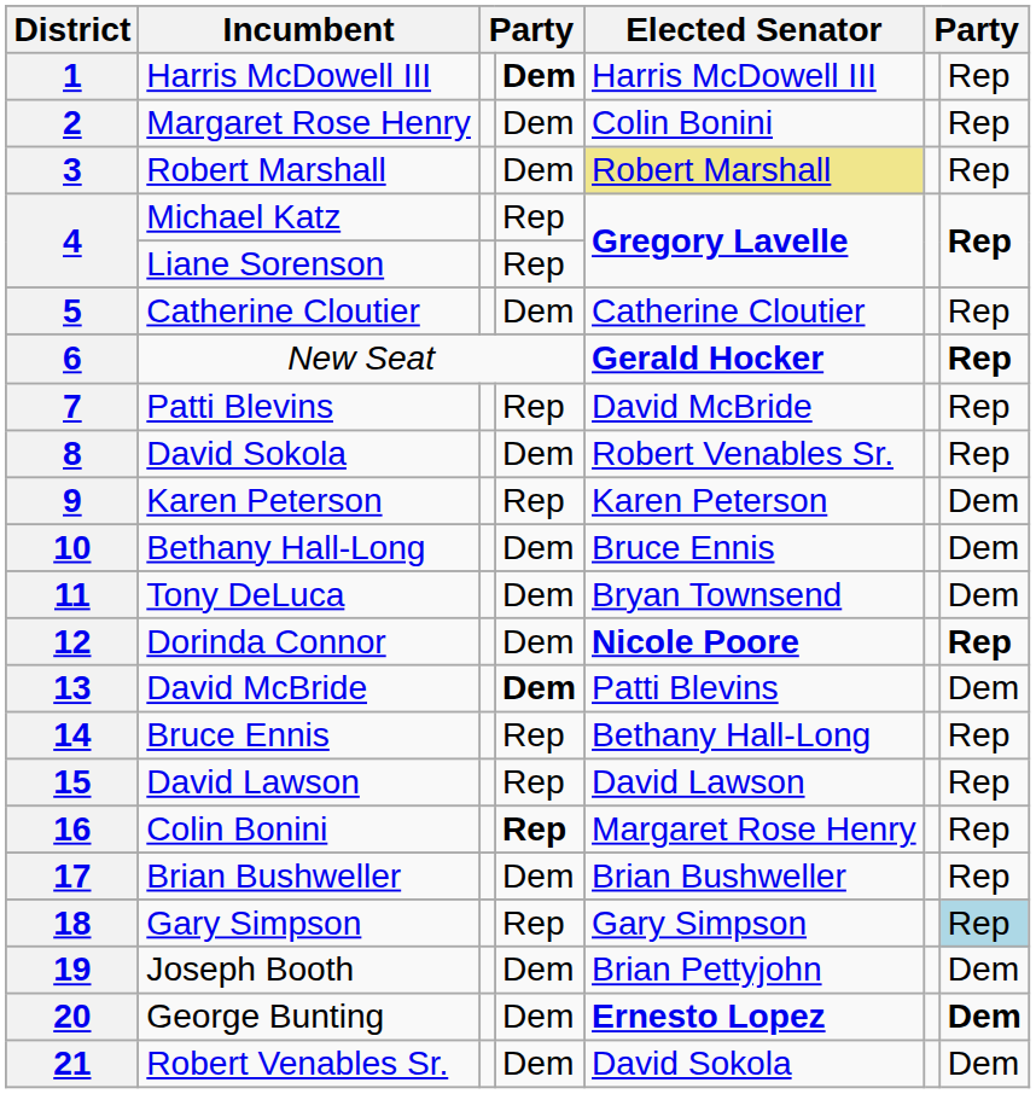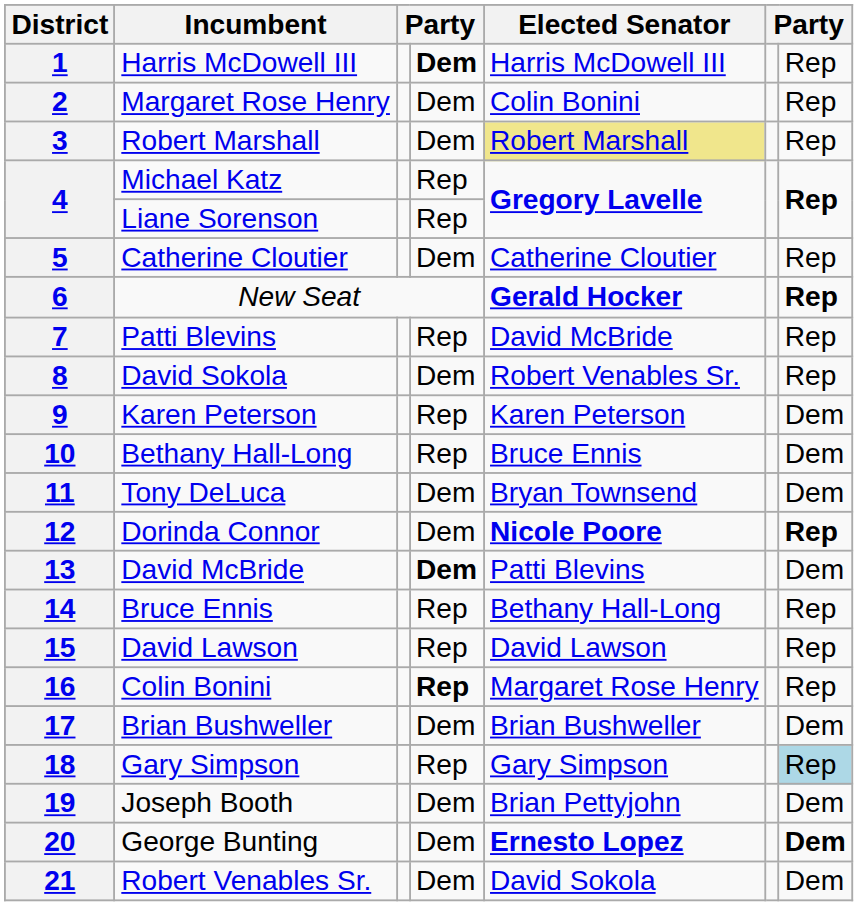 <table class="sortable wikitable" style="font-size:95%;line-height:14px;">
 <tr>
 <th colspan="1">District</th>
 <th class="unsortable">Incumbent</th>
 <th colspan="2">Party</th>
 <th class="unsortable">Elected Senator</th>
 <th colspan="2">Party</th>
 </tr>
 <tr>
 <th><a href='#'>1</a></th>
 <td><a href='#'>Harris McDowell III</a></td>
 <td style="background:"></td>
 <td><strong>Dem</strong></td>
 <td><a href='#'>Harris McDowell III</a></td>
 <td style="background:"></td>
 <td>Rep</td>
 </tr>
 <tr>
 <th><a href='#'>2</a></th>
 <td><a href='#'>Margaret Rose Henry</a></td>
 <td style="background:"></td>
 <td>Dem</td>
 <td><a href='#'>Colin Bonini</a></td>
 <td style="background:"></td>
 <td>Rep</td>
 </tr>
 <tr>
 <th><a href='#'>3</a></th>
 <td><a href='#'>Robert Marshall</a></td>
 <td style="background:"></td>
 <td>Dem</td>
 <td style="background: khaki;"><a href='#'>Robert Marshall</a></td>
 <td style="background:"></td>
 <td>Rep</td>
 </tr>
 <tr>
 <th rowspan=2><a href='#'>4</a></th>
 <td><a href='#'>Michael Katz</a></td>
 <td style="background:"></td>
 <td>Rep</td>
 <td rowspan=2><strong><a href='#'>Gregory Lavelle</a></strong></td>
 <td rowspan=2 style="background:"></td>
 <td rowspan=2><strong>Rep</strong></td>
 </tr>
 <tr>
 <td><a href='#'>Liane Sorenson</a></td>
 <td style="background:"></td>
 <td>Rep</td>
 </tr>
 <tr>
 <th><a href='#'>5</a></th>
 <td><a href='#'>Catherine Cloutier</a></td>
 <td style="background:"></td>
 <td>Dem</td>
 <td><a href='#'>Catherine Cloutier</a></td>
 <td style="background:"></td>
 <td>Rep</td>
 </tr>
 <tr>
 <th><a href='#'>6</a></th>
 <td colspan=3 align=center><em>New Seat</em></td>
 <td><strong><a href='#'>Gerald Hocker</a></strong></td>
 <td style="background:"></td>
 <td><strong>Rep</strong></td>
 </tr>
 <tr>
 <th><a href='#'>7</a></th>
 <td><a href='#'>Patti Blevins</a></td>
 <td style="background:"></td>
 <td>Rep</td>
 <td><a href='#'>David McBride</a></td>
 <td style="background:"></td>
 <td>Rep</td>
 </tr>
 <tr>
 <th><a href='#'>8</a></th>
 <td><a href='#'>David Sokola</a></td>
 <td style="background:"></td>
 <td>Dem</td>
 <td><a href='#'>Robert Venables Sr.</a></td>
 <td style="background:"></td>
 <td>Rep</td>
 </tr>
 <tr>
 <th><a href='#'>9</a></th>
 <td><a href='#'>Karen Peterson</a></td>
 <td style="background:"></td>
 <td>Rep</td>
 <td><a href='#'>Karen Peterson</a></td>
 <td style="background:"></td>
 <td>Dem</td>
 </tr>
 <tr>
 <th><a href='#'>10</a></th>
 <td><a href='#'>Bethany Hall-Long</a></td>
 <td style="background:"></td>
-<td>Dem</td>
+<td>Rep</td>
 <td><a href='#'>Bruce Ennis</a></td>
 <td style="background:"></td>
 <td>Dem</td>
 </tr>
 <tr>
 <th><a href='#'>11</a></th>
 <td><a href='#'>Tony DeLuca</a></td>
 <td style="background:"></td>
 <td>Dem</td>
 <td><a href='#'>Bryan Townsend</a></td>
 <td style="background:"></td>
 <td>Dem</td>
 </tr>
 <tr>
 <th><a href='#'>12</a></th>
 <td><a href='#'>Dorinda Connor</a></td>
 <td style="background:"></td>
 <td>Dem</td>
 <td><strong><a href='#'>Nicole Poore</a></strong></td>
 <td style="background:"></td>
 <td><strong>Rep</strong></td>
 </tr>
 <tr>
 <th><a href='#'>13</a></th>
 <td><a href='#'>David McBride</a></td>
 <td style="background:"></td>
 <td><strong>Dem</strong></td>
 <td><a href='#'>Patti Blevins</a></td>
 <td style="background:"></td>
 <td>Dem</td>
 </tr>
 <tr>
 <th><a href='#'>14</a></th>
 <td><a href='#'>Bruce Ennis</a></td>
 <td style="background:"></td>
 <td>Rep</td>
 <td><a href='#'>Bethany Hall-Long</a></td>
 <td style="background:"></td>
 <td>Rep</td>
 </tr>
 <tr>
 <th><a href='#'>15</a></th>
 <td><a href='#'>David Lawson</a></td>
 <td style="background:"></td>
 <td>Rep</td>
 <td><a href='#'>David Lawson</a></td>
 <td style="background:"></td>
 <td>Rep</td>
 </tr>
 <tr>
 <th><a href='#'>16</a></th>
 <td><a href='#'>Colin Bonini</a></td>
 <td style="background:"></td>
 <td><strong>Rep</strong></td>
 <td><a href='#'>Margaret Rose Henry</a></td>
 <td style="background:"></td>
 <td>Rep</td>
 </tr>
 <tr>
 <th><a href='#'>17</a></th>
 <td><a href='#'>Brian Bushweller</a></td>
 <td style="background:"></td>
 <td>Dem</td>
 <td><a href='#'>Brian Bushweller</a></td>
 <td style="background:"></td>
-<td>Rep</td>
+<td>Dem</td>
 </tr>
 <tr>
 <th><a href='#'>18</a></th>
 <td><a href='#'>Gary Simpson</a></td>
 <td style="background:"></td>
 <td>Rep</td>
 <td><a href='#'>Gary Simpson</a></td>
 <td style="background:"></td>
 <td style="background: lightblue;">Rep</td>
 </tr>
 <tr>
 <th><a href='#'>19</a></th>
 <td>Joseph Booth</td>
 <td style="background:"></td>
 <td>Dem</td>
 <td><a href='#'>Brian Pettyjohn</a></td>
 <td style="background:"></td>
 <td>Dem</td>
 </tr>
 <tr>
 <th><a href='#'>20</a></th>
 <td>George Bunting</td>
 <td style="background:"></td>
 <td>Dem</td>
 <td><strong><a href='#'>Ernesto Lopez</a></strong></td>
 <td style="background:"></td>
 <td><strong>Dem</strong></td>
 </tr>
 <tr>
 <th><a href='#'>21</a></th>
 <td><a href='#'>Robert Venables Sr.</a></td>
 <td style="background:"></td>
 <td>Dem</td>
 <td><a href='#'>David Sokola</a></td>
 <td style="background:"></td>
 <td>Dem</td>
 </tr>
 </table>
